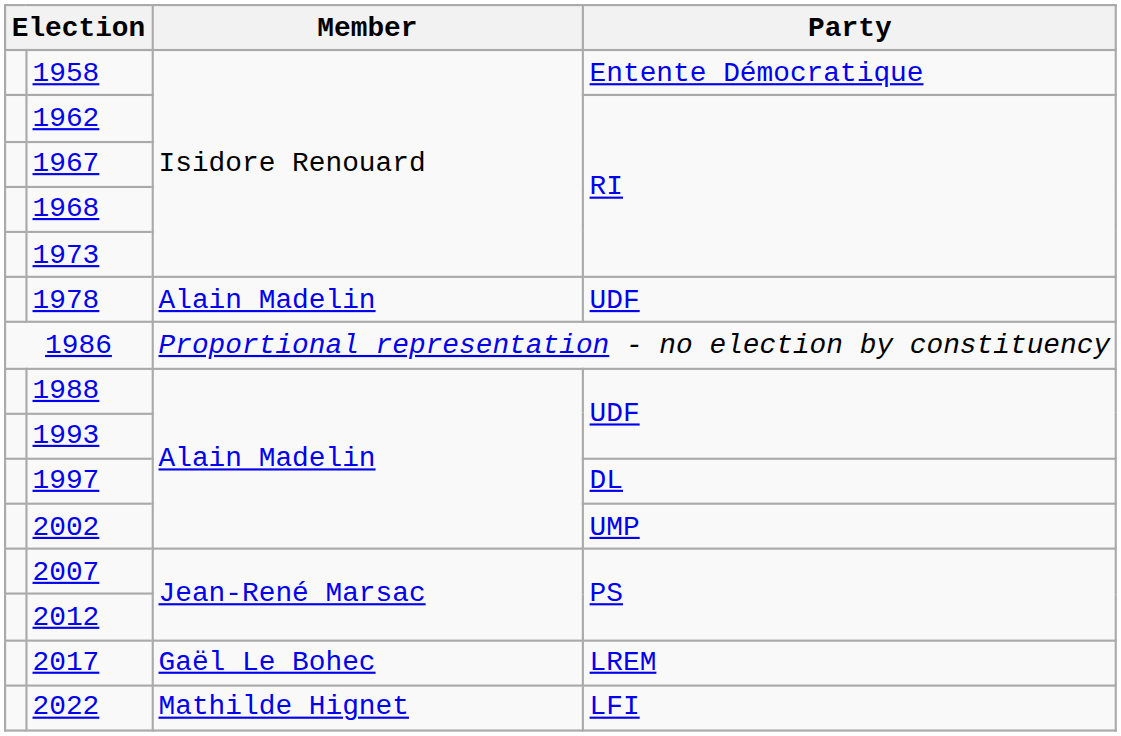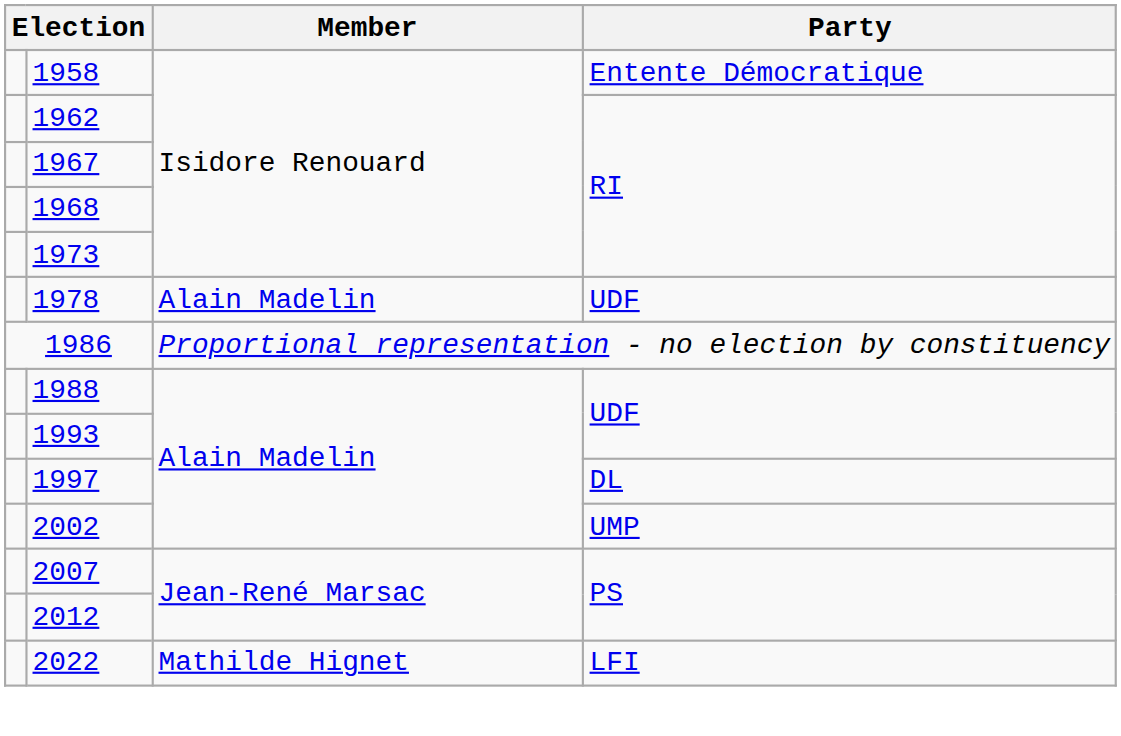 <table class="wikitable">
 <tr>
 <th colspan="2">Election</th>
 <th>Member</th>
 <th>Party</th>
 </tr>
 <tr>
 <td style="color:inherit;background-color: "></td>
 <td><a href='#'>1958</a></td>
 <td rowspan="5">Isidore Renouard</td>
 <td><a href='#'>Entente Démocratique</a></td>
 </tr>
 <tr>
 <td style="color:inherit;background-color: "></td>
 <td><a href='#'>1962</a></td>
 <td rowspan="4"><a href='#'>RI</a></td>
 </tr>
 <tr>
 <td style="color:inherit;background-color: "></td>
 <td><a href='#'>1967</a></td>
 </tr>
 <tr>
 <td style="color:inherit;background-color: "></td>
 <td><a href='#'>1968</a></td>
 </tr>
 <tr>
 <td style="color:inherit;background-color: "></td>
 <td><a href='#'>1973</a></td>
 </tr>
 <tr>
 <td style="color:inherit;background-color: "></td>
 <td><a href='#'>1978</a></td>
 <td><a href='#'>Alain Madelin</a></td>
 <td><a href='#'>UDF</a></td>
 </tr>
 <tr>
 <td colspan="2" align="center"><a href='#'>1986</a></td>
 <td colspan="2"><em><a href='#'>Proportional representation</a> - no election by constituency</em></td>
 </tr>
 <tr>
 <td style="color:inherit;background-color: "></td>
 <td><a href='#'>1988</a></td>
 <td rowspan="4"><a href='#'>Alain Madelin</a></td>
 <td rowspan="2"><a href='#'>UDF</a></td>
 </tr>
 <tr>
 <td style="color:inherit;background-color: "></td>
 <td><a href='#'>1993</a></td>
 </tr>
 <tr>
 <td style="color:inherit;background-color: "></td>
 <td><a href='#'>1997</a></td>
 <td><a href='#'>DL</a></td>
 </tr>
 <tr>
 <td style="color:inherit;background-color: "></td>
 <td><a href='#'>2002</a></td>
 <td><a href='#'>UMP</a></td>
 </tr>
 <tr>
 <td style="color:inherit;background-color: "></td>
 <td><a href='#'>2007</a></td>
 <td rowspan=2><a href='#'>Jean-René Marsac</a></td>
 <td rowspan=2><a href='#'>PS</a></td>
 </tr>
 <tr>
 <td style="color:inherit;background-color: "></td>
 <td><a href='#'>2012</a></td>
 </tr>
 <tr>
 <td style="color:inherit;background-color: "></td>
-<td><a href='#'>2017</a></td>
-<td><a href='#'>Gaël Le Bohec</a></td>
-<td><a href='#'>LREM</a></td>
-</tr>
-<tr>
-<td style="color:inherit;background-color: "></td>
 <td><a href='#'>2022</a></td>
 <td><a href='#'>Mathilde Hignet</a></td>
 <td><a href='#'>LFI</a></td>
 </tr>
 </table>
